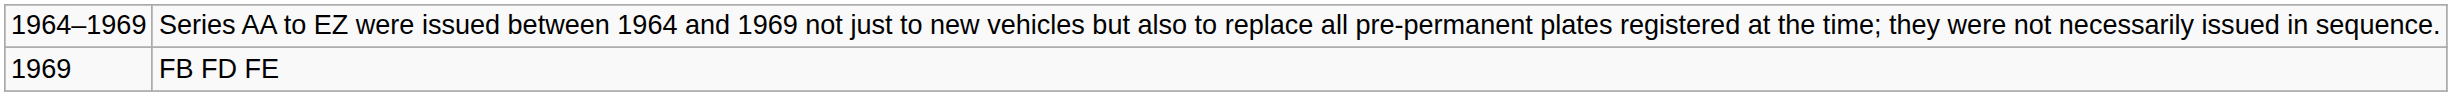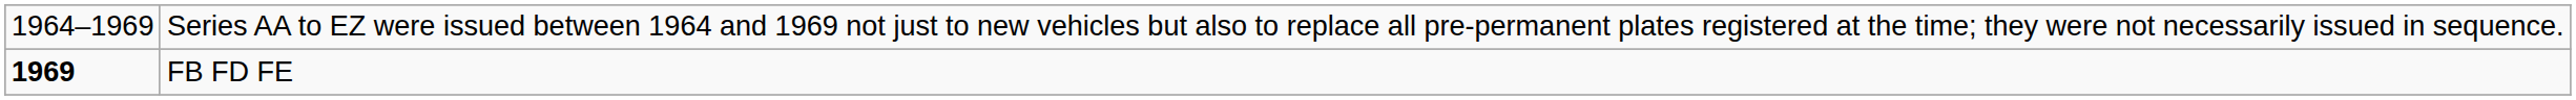 <table class="wikitable">
 <tr>
 <td>1964–1969</td>
 <td>Series AA to EZ were issued between 1964 and 1969 not just to new vehicles but also to replace all pre-permanent plates registered at the time; they were not necessarily issued in sequence.</td>
 </tr>
 <tr>
-<td>1969</td>
+<td><strong>1969</strong></td>
 <td>FB FD FE</td>
 </tr>
 </table>
